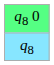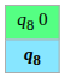 <table class="wikitable" style="text-align:center;">
 <tr>
 <td bgcolor="#55FF83" width="40"><em>q</em><sub>8</sub> 0</td>
 </tr>
 <tr>
-<td bgcolor="#87E6FF" width="40"><em>q</em><sub>8</sub></td>
+<td bgcolor="#87E6FF" width="40"><strong><em>q</em><sub>8</sub></strong></td>
 </tr>
 </table>
